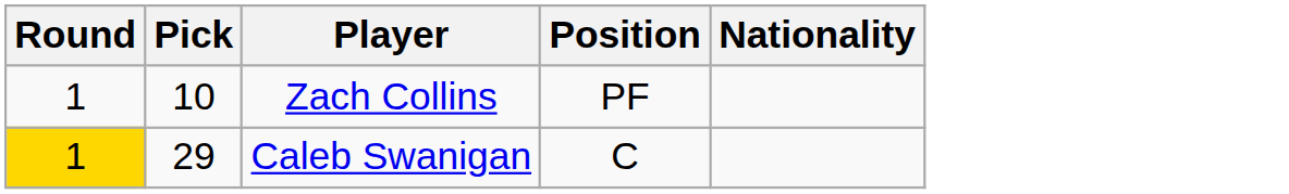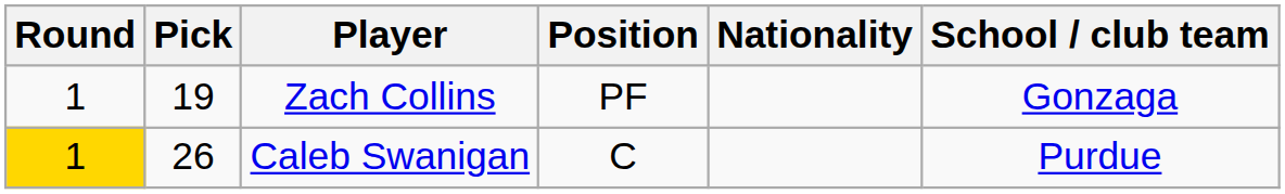 <table class="wikitable sortable sortable">
 <tr>
 <th>Round</th>
 <th>Pick</th>
 <th>Player</th>
 <th>Position</th>
 <th>Nationality</th>
+<th>School / club team</th>
 </tr>
 <tr style="text-align: center">
 <td>1</td>
-<td>10</td>
+<td>19</td>
 <td><a href='#'>Zach Collins</a></td>
 <td>PF</td>
 <td></td>
+<td><a href='#'>Gonzaga</a></td>
 </tr>
 <tr style="text-align: center">
 <td style="background: gold;">1</td>
-<td>29</td>
+<td>26</td>
 <td><a href='#'>Caleb Swanigan</a></td>
 <td>C</td>
 <td></td>
+<td><a href='#'>Purdue</a></td>
 </tr>
 </table>
